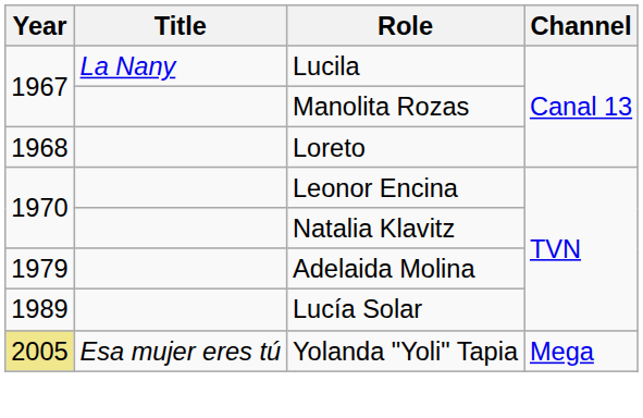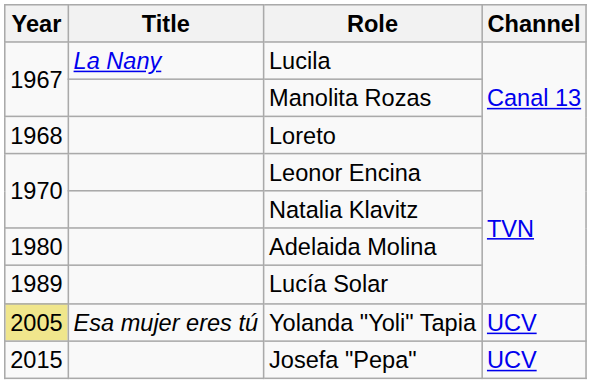 <table class="wikitable" style="font-size: 95%;">
 <tr>
 <th>Year</th>
 <th>Title</th>
 <th>Role</th>
 <th>Channel</th>
 </tr>
 <tr>
 <td rowspan="2">1967</td>
 <td><em><a href='#'>La Nany</a></em></td>
 <td>Lucila</td>
 <td rowspan="3"><a href='#'>Canal 13</a></td>
 </tr>
 <tr>
 <td><em></em></td>
 <td>Manolita Rozas</td>
 </tr>
 <tr>
 <td>1968</td>
 <td><em></em></td>
 <td>Loreto</td>
 </tr>
 <tr>
 <td rowspan="2">1970</td>
 <td></td>
 <td>Leonor Encina</td>
 <td rowspan="4"><a href='#'>TVN</a></td>
 </tr>
 <tr>
 <td><em></em></td>
 <td>Natalia Klavitz</td>
 </tr>
 <tr>
-<td>1979</td>
+<td>1980</td>
 <td></td>
 <td>Adelaida Molina</td>
 </tr>
 <tr>
 <td>1989</td>
 <td><em></em></td>
 <td>Lucía Solar</td>
 </tr>
 <tr>
 <td style="background: khaki;">2005</td>
 <td><em>Esa mujer eres tú</em></td>
 <td>Yolanda "Yoli" Tapia</td>
-<td><a href='#'>Mega</a></td>
+<td><a href='#'>UCV</a></td>
+</tr>
+<tr>
+<td>2015</td>
+<td><em></em></td>
+<td>Josefa "Pepa"</td>
+<td><a href='#'>UCV</a></td>
 </tr>
 </table>
